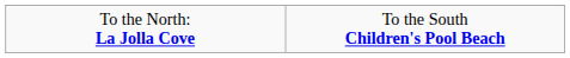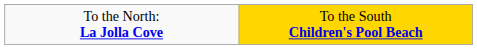 <table class="wikitable" style="margin: 0.5em auto; clear: both; font-size:95%;">
 <tr style="text-align: center;">
 </tr>
 <tr style="text-align: center;">
 <td width="30%" align="center" rowspan="1">To the North:<br><strong><a href='#'>La Jolla Cove</a></strong><br></td>
-<td width="30%" align="center" rowspan="1">To the South<br><strong><a href='#'>Children's Pool Beach</a></strong></td>
+<td width="30%" align="center" rowspan="1" style="background: gold;">To the South<br><strong><a href='#'>Children's Pool Beach</a></strong></td>
 </tr>
 </table>
